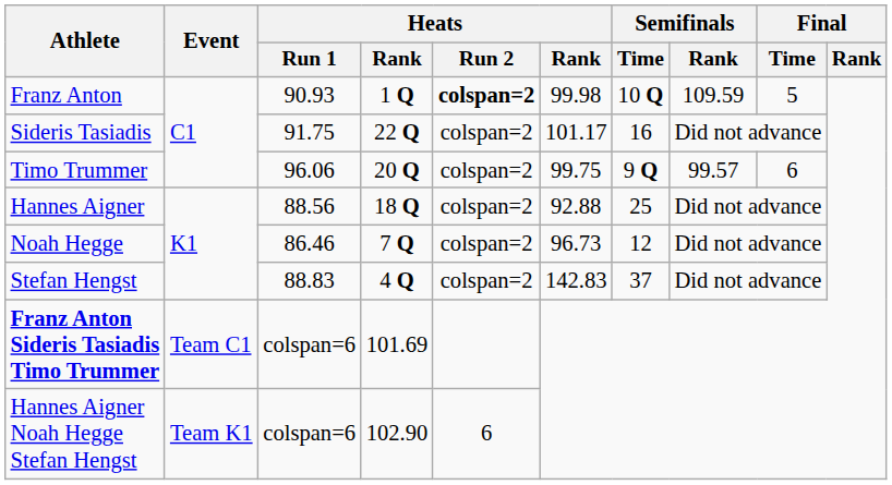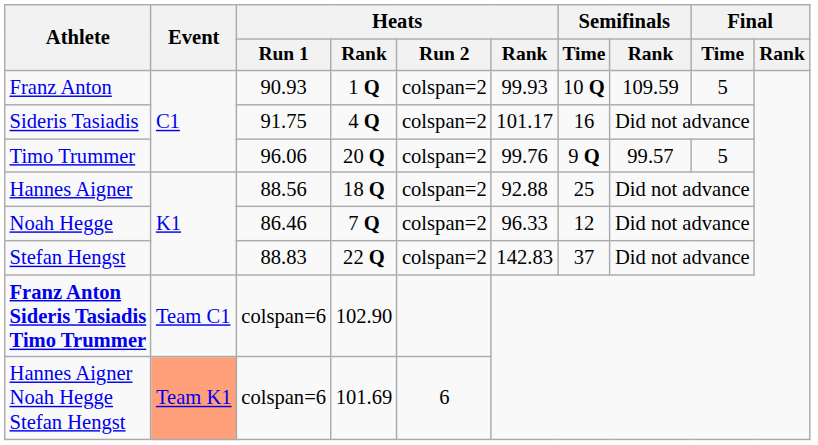 <table class=wikitable style="font-size:90%">
 <tr>
 <th rowspan="2">Athlete</th>
 <th rowspan="2">Event</th>
 <th colspan=4>Heats</th>
 <th colspan=2>Semifinals</th>
 <th colspan=2>Final</th>
 </tr>
 <tr style="font-size:95%">
 <th>Run 1</th>
 <th>Rank</th>
 <th>Run 2</th>
 <th>Rank</th>
 <th>Time</th>
 <th>Rank</th>
 <th>Time</th>
 <th>Rank</th>
 </tr>
 <tr align=center>
 <td align=left><a href='#'>Franz Anton</a></td>
 <td align=left rowspan=3><a href='#'>C1</a></td>
 <td>90.93</td>
 <td>1 <strong>Q</strong></td>
-<td><strong>colspan=2</strong></td>
-<td>99.98</td>
+<td>colspan=2</td>
+<td>99.93</td>
 <td>10 <strong>Q</strong></td>
 <td>109.59</td>
 <td>5</td>
 </tr>
 <tr align=center>
 <td align=left><a href='#'>Sideris Tasiadis</a></td>
 <td>91.75</td>
-<td>22 <strong>Q</strong></td>
+<td>4 <strong>Q</strong></td>
 <td>colspan=2</td>
 <td>101.17</td>
 <td>16</td>
 <td colspan=2>Did not advance</td>
 </tr>
 <tr align=center>
 <td align=left><a href='#'>Timo Trummer</a></td>
 <td>96.06</td>
 <td>20 <strong>Q</strong></td>
 <td>colspan=2</td>
-<td>99.75</td>
+<td>99.76</td>
 <td>9 <strong>Q</strong></td>
 <td>99.57</td>
-<td>6</td>
+<td>5</td>
 </tr>
 <tr align=center>
 <td align=left><a href='#'>Hannes Aigner</a></td>
 <td align=left rowspan=3><a href='#'>K1</a></td>
 <td>88.56</td>
 <td>18 <strong>Q</strong></td>
 <td>colspan=2</td>
 <td>92.88</td>
 <td>25</td>
 <td colspan=2>Did not advance</td>
 </tr>
 <tr align=center>
 <td align=left><a href='#'>Noah Hegge</a></td>
 <td>86.46</td>
 <td>7 <strong>Q</strong></td>
 <td>colspan=2</td>
-<td>96.73</td>
+<td>96.33</td>
 <td>12</td>
 <td colspan=2>Did not advance</td>
 </tr>
 <tr align=center>
 <td align=left><a href='#'>Stefan Hengst</a></td>
 <td>88.83</td>
-<td>4 <strong>Q</strong></td>
+<td>22 <strong>Q</strong></td>
 <td>colspan=2</td>
 <td>142.83</td>
 <td>37</td>
 <td colspan=2>Did not advance</td>
 </tr>
 <tr align=center>
 <td align=left><strong><a href='#'>Franz Anton</a><br><a href='#'>Sideris Tasiadis</a><br><a href='#'>Timo Trummer</a></strong></td>
 <td align=left><a href='#'>Team C1</a></td>
 <td>colspan=6</td>
-<td>101.69</td>
+<td>102.90</td>
 <td></td>
 </tr>
 <tr align=center>
 <td align=left><a href='#'>Hannes Aigner</a><br><a href='#'>Noah Hegge</a><br><a href='#'>Stefan Hengst</a></td>
-<td align=left><a href='#'>Team K1</a></td>
+<td align=left style="background: lightsalmon;"><a href='#'>Team K1</a></td>
 <td>colspan=6</td>
-<td>102.90</td>
+<td>101.69</td>
 <td>6</td>
 </tr>
 </table>
